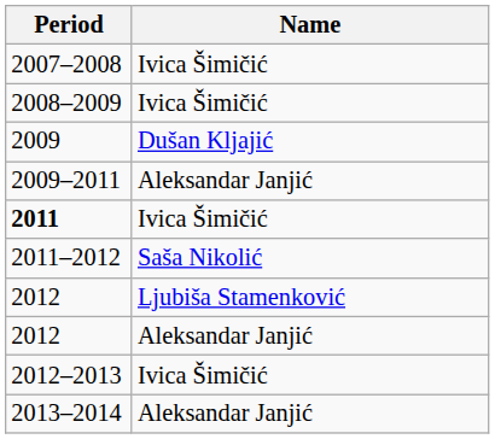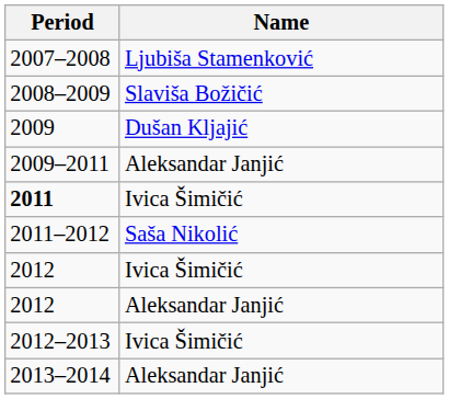 <table class="wikitable">
 <tr>
 <th width="75">Period</th>
 <th width="225">Name</th>
 </tr>
 <tr>
 <td>2007–2008</td>
-<td> Ivica Šimičić</td>
+<td> <a href='#'>Ljubiša Stamenković</a></td>
 </tr>
 <tr>
 <td>2008–2009</td>
-<td> Ivica Šimičić</td>
+<td> <a href='#'>Slaviša Božičić</a></td>
 </tr>
 <tr>
 <td>2009</td>
 <td> <a href='#'>Dušan Kljajić</a></td>
 </tr>
 <tr>
 <td>2009–2011</td>
 <td> Aleksandar Janjić</td>
 </tr>
 <tr>
 <td><strong>2011</strong></td>
 <td> Ivica Šimičić</td>
 </tr>
 <tr>
 <td>2011–2012</td>
 <td> <a href='#'>Saša Nikolić</a></td>
 </tr>
 <tr>
 <td>2012</td>
-<td> <a href='#'>Ljubiša Stamenković</a></td>
+<td> Ivica Šimičić</td>
 </tr>
 <tr>
 <td>2012</td>
 <td> Aleksandar Janjić</td>
 </tr>
 <tr>
 <td>2012–2013</td>
 <td> Ivica Šimičić</td>
 </tr>
 <tr>
 <td>2013–2014</td>
 <td> Aleksandar Janjić</td>
 </tr>
 </table>
